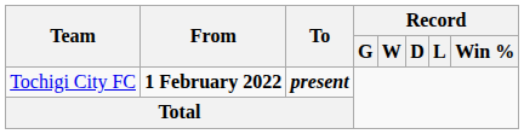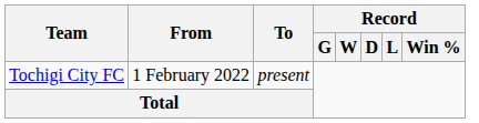 <table class="wikitable" style="text-align: center">
 <tr>
 <th rowspan="2">Team</th>
 <th rowspan="2">From</th>
 <th rowspan="2">To</th>
 <th colspan="5">Record</th>
 </tr>
 <tr>
 <th>G</th>
 <th>W</th>
 <th>D</th>
 <th>L</th>
 <th>Win %</th>
 </tr>
 <tr>
 <td align="left"><a href='#'>Tochigi City FC</a></td>
-<td align="left"><strong>1 February 2022</strong></td>
-<td align="left"><strong><em>present</em><br></strong></td>
+<td align="left">1 February 2022</td>
+<td align="left"><em>present</em><br></td>
 </tr>
 <tr>
 <th colspan="3">Total<br></th>
 </tr>
 </table>
